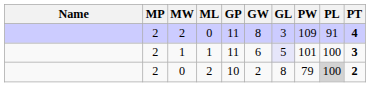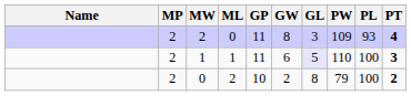 <table class=wikitable style="text-align:center">
 <tr>
 <th width=175>Name</th>
 <th width=20>MP</th>
 <th width=20>MW</th>
 <th width=20>ML</th>
 <th width=20>GP</th>
 <th width=20>GW</th>
 <th width=20>GL</th>
 <th width=20>PW</th>
 <th width=20>PL</th>
 <th width=20>PT</th>
 </tr>
 <tr style="background-color:#ccccff;">
 <td style="text-align:left;"><strong></strong></td>
 <td>2</td>
 <td>2</td>
 <td>0</td>
 <td>11</td>
 <td>8</td>
 <td>3</td>
 <td>109</td>
-<td>91</td>
+<td>93</td>
 <td><strong>4</strong></td>
 </tr>
 <tr>
 <td style="text-align:left;"></td>
 <td>2</td>
 <td>1</td>
 <td>1</td>
 <td>11</td>
 <td>6</td>
 <td style="background: lavender;">5</td>
-<td>101</td>
+<td>110</td>
 <td>100</td>
 <td><strong>3</strong></td>
 </tr>
 <tr>
 <td style="text-align:left;"></td>
 <td>2</td>
 <td>0</td>
 <td>2</td>
 <td>10</td>
 <td>2</td>
 <td>8</td>
 <td>79</td>
-<td style="background: lightgrey;">100</td>
+<td>100</td>
 <td><strong>2</strong></td>
 </tr>
 </table>
